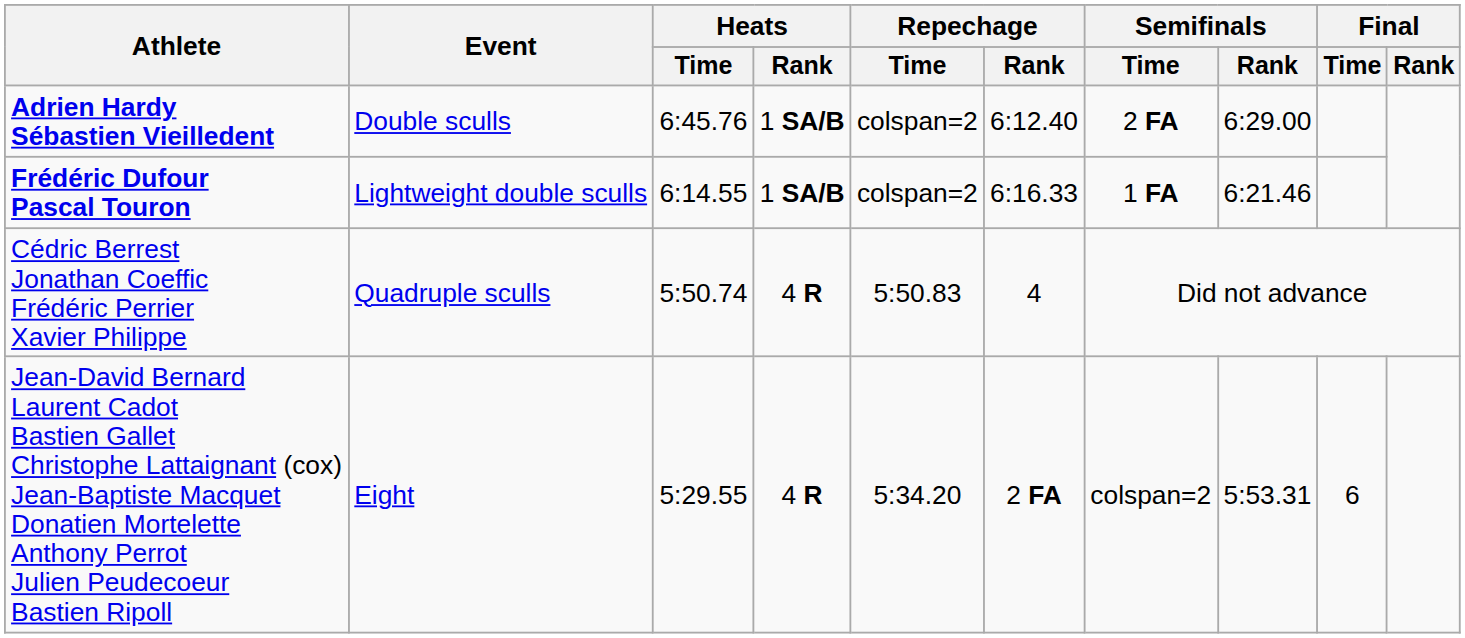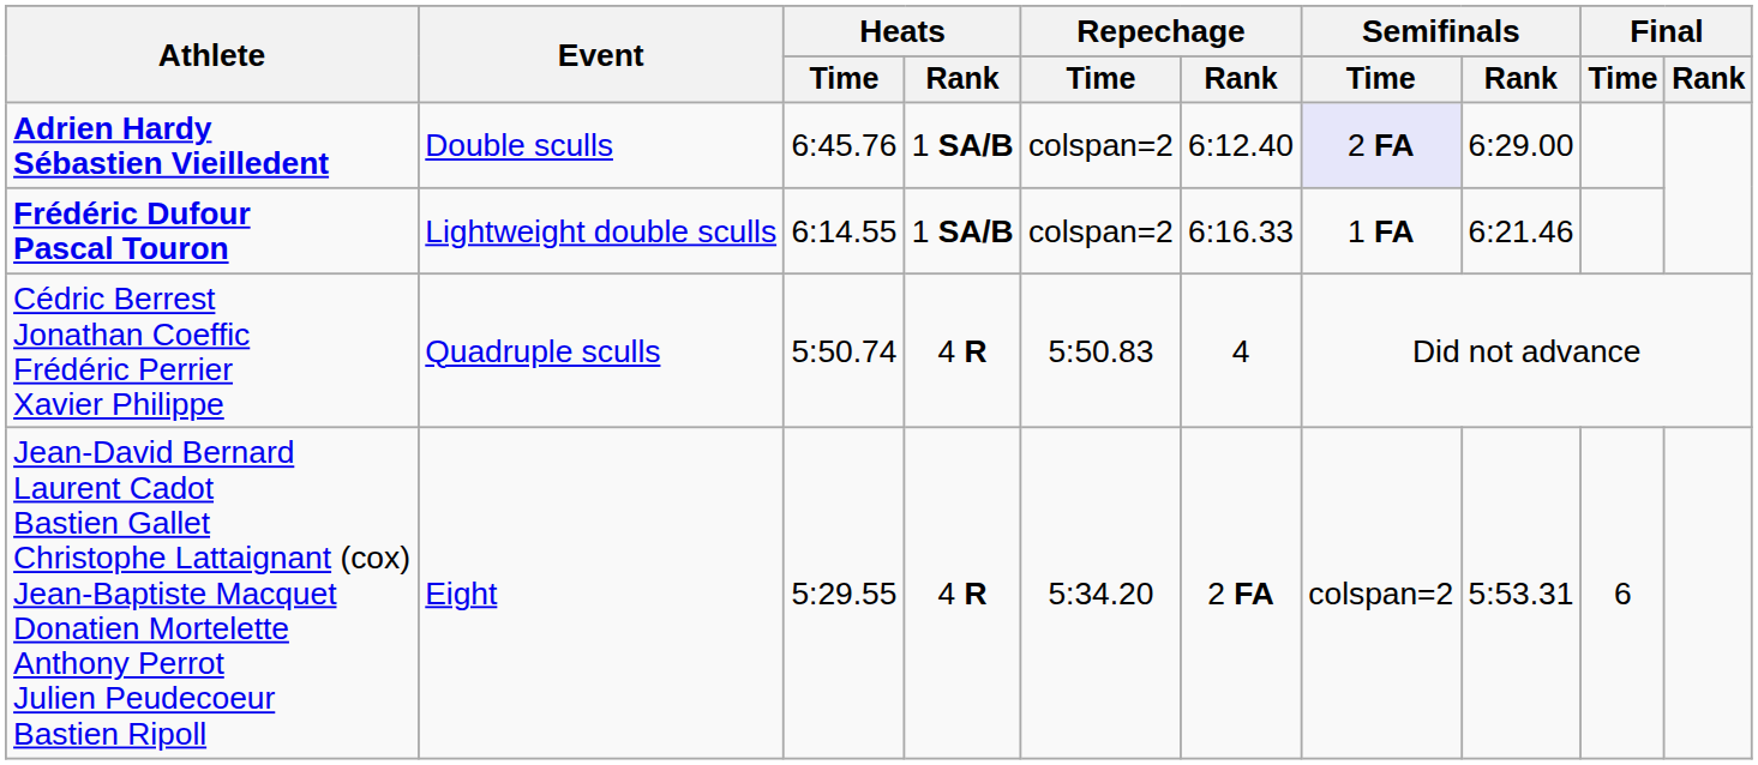 <table class="wikitable" style="font-size:90%;">
 <tr>
 <th rowspan="2">Athlete</th>
 <th rowspan="2">Event</th>
 <th colspan="2">Heats</th>
 <th colspan="2">Repechage</th>
 <th colspan="2">Semifinals</th>
 <th colspan="2">Final</th>
 </tr>
 <tr style="font-size:95%">
 <th>Time</th>
 <th>Rank</th>
 <th>Time</th>
 <th>Rank</th>
 <th>Time</th>
 <th>Rank</th>
 <th>Time</th>
 <th>Rank</th>
 </tr>
 <tr align=center>
 <td align=left><strong><a href='#'>Adrien Hardy</a><br><a href='#'>Sébastien Vieilledent</a></strong></td>
 <td align=left><a href='#'>Double sculls</a></td>
 <td>6:45.76</td>
 <td>1 <strong>SA/B</strong></td>
 <td>colspan=2 </td>
 <td>6:12.40</td>
-<td>2 <strong>FA</strong></td>
+<td style="background: lavender;">2 <strong>FA</strong></td>
 <td>6:29.00</td>
 <td></td>
 </tr>
 <tr align=center>
 <td align=left><strong><a href='#'>Frédéric Dufour</a><br><a href='#'>Pascal Touron</a></strong></td>
 <td align=left><a href='#'>Lightweight double sculls</a></td>
 <td>6:14.55</td>
 <td>1 <strong>SA/B</strong></td>
 <td>colspan=2 </td>
 <td>6:16.33</td>
 <td>1 <strong>FA</strong></td>
 <td>6:21.46</td>
 <td></td>
 </tr>
 <tr align=center>
 <td align=left><a href='#'>Cédric Berrest</a><br><a href='#'>Jonathan Coeffic</a><br><a href='#'>Frédéric Perrier</a><br><a href='#'>Xavier Philippe</a></td>
 <td align=left><a href='#'>Quadruple sculls</a></td>
 <td>5:50.74</td>
 <td>4 <strong>R</strong></td>
 <td>5:50.83</td>
 <td>4</td>
 <td colspan=4>Did not advance</td>
 </tr>
 <tr align=center>
 <td align=left><a href='#'>Jean-David Bernard</a><br><a href='#'>Laurent Cadot</a><br><a href='#'>Bastien Gallet</a><br><a href='#'>Christophe Lattaignant</a> (cox)<br><a href='#'>Jean-Baptiste Macquet</a><br><a href='#'>Donatien Mortelette</a><br><a href='#'>Anthony Perrot</a><br><a href='#'>Julien Peudecoeur</a><br><a href='#'>Bastien Ripoll</a></td>
 <td align=left><a href='#'>Eight</a></td>
 <td>5:29.55</td>
 <td>4 <strong>R</strong></td>
 <td>5:34.20</td>
 <td>2 <strong>FA</strong></td>
 <td>colspan=2 </td>
 <td>5:53.31</td>
 <td>6</td>
 </tr>
 </table>
